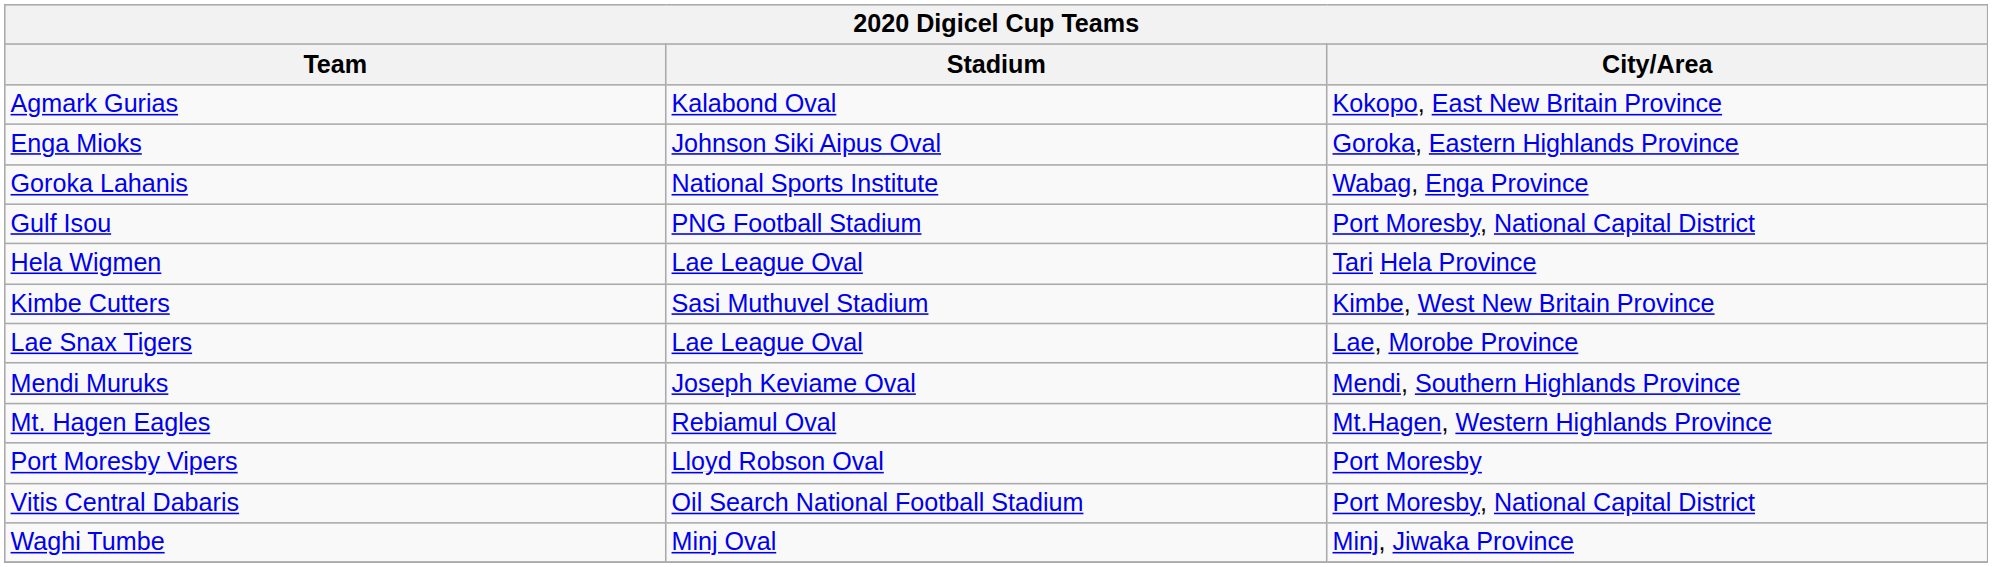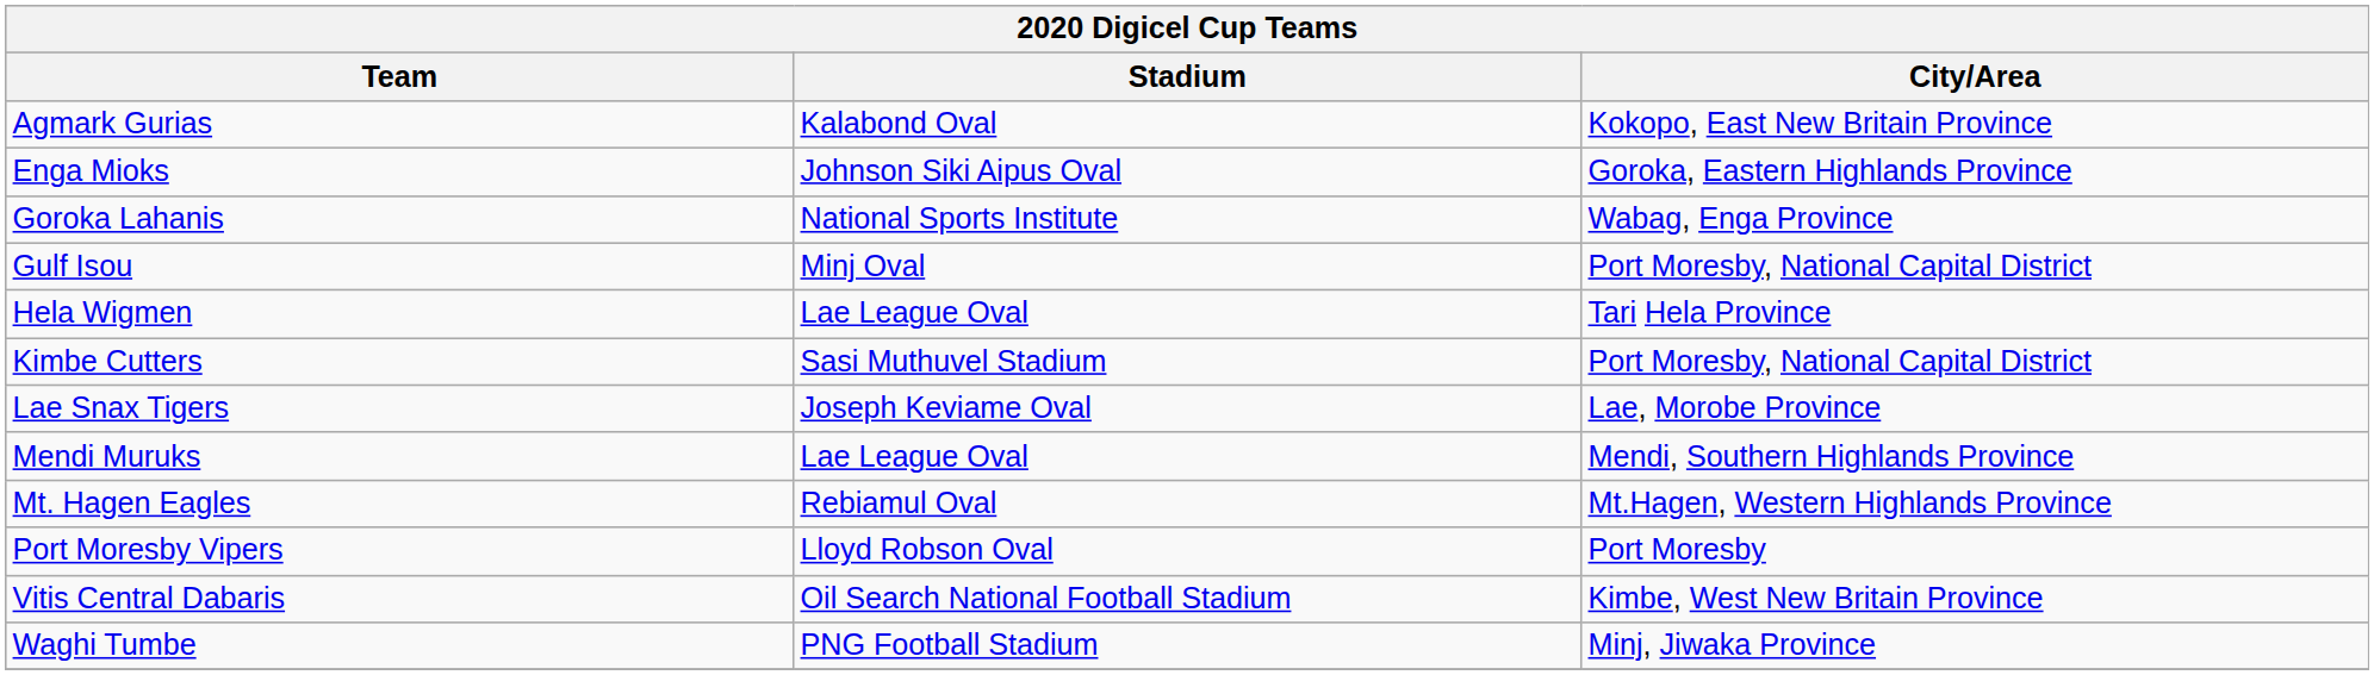 <table class="wikitable" style="width: 100%">
 <tr>
 <th colspan="5">2020 Digicel Cup Teams</th>
 </tr>
 <tr>
 <th width=33%>Team</th>
 <th width=33%>Stadium</th>
 <th width=33%>City/Area</th>
 </tr>
 <tr>
 <td><a href='#'>Agmark Gurias</a></td>
 <td><a href='#'>Kalabond Oval</a></td>
 <td><a href='#'>Kokopo</a>, <a href='#'>East New Britain Province</a></td>
 </tr>
 <tr>
 <td><a href='#'>Enga Mioks</a></td>
 <td><a href='#'>Johnson Siki Aipus Oval</a></td>
 <td><a href='#'>Goroka</a>, <a href='#'>Eastern Highlands Province</a></td>
 </tr>
 <tr>
 <td><a href='#'>Goroka Lahanis</a></td>
 <td><a href='#'>National Sports Institute</a></td>
 <td><a href='#'>Wabag</a>, <a href='#'>Enga Province</a></td>
 </tr>
 <tr>
 <td><a href='#'>Gulf Isou</a></td>
-<td><a href='#'>PNG Football Stadium</a></td>
+<td><a href='#'>Minj Oval</a></td>
 <td><a href='#'>Port Moresby</a>, <a href='#'>National Capital District</a></td>
 </tr>
 <tr>
 <td><a href='#'>Hela Wigmen</a></td>
 <td><a href='#'>Lae League Oval</a></td>
 <td><a href='#'>Tari</a> <a href='#'>Hela Province</a></td>
 </tr>
 <tr>
 <td><a href='#'>Kimbe Cutters</a></td>
 <td><a href='#'>Sasi Muthuvel Stadium</a></td>
-<td><a href='#'>Kimbe</a>, <a href='#'>West New Britain Province</a></td>
+<td><a href='#'>Port Moresby</a>, <a href='#'>National Capital District</a></td>
 </tr>
 <tr>
 <td><a href='#'>Lae Snax Tigers</a></td>
-<td><a href='#'>Lae League Oval</a></td>
+<td><a href='#'>Joseph Keviame Oval</a></td>
 <td><a href='#'>Lae</a>, <a href='#'>Morobe Province</a></td>
 </tr>
 <tr>
 <td><a href='#'>Mendi Muruks</a></td>
-<td><a href='#'>Joseph Keviame Oval</a></td>
+<td><a href='#'>Lae League Oval</a></td>
 <td><a href='#'>Mendi</a>, <a href='#'>Southern Highlands Province</a></td>
 </tr>
 <tr>
 <td><a href='#'>Mt. Hagen Eagles</a></td>
 <td><a href='#'>Rebiamul Oval</a></td>
 <td><a href='#'>Mt.Hagen</a>, <a href='#'>Western Highlands Province</a></td>
 </tr>
 <tr>
 <td><a href='#'>Port Moresby Vipers</a></td>
 <td><a href='#'>Lloyd Robson Oval</a></td>
 <td><a href='#'>Port Moresby</a></td>
 </tr>
 <tr>
 <td><a href='#'>Vitis Central Dabaris</a></td>
 <td><a href='#'>Oil Search National Football Stadium</a></td>
-<td><a href='#'>Port Moresby</a>, <a href='#'>National Capital District</a></td>
+<td><a href='#'>Kimbe</a>, <a href='#'>West New Britain Province</a></td>
 </tr>
 <tr>
 <td><a href='#'>Waghi Tumbe</a></td>
-<td><a href='#'>Minj Oval</a></td>
+<td><a href='#'>PNG Football Stadium</a></td>
 <td><a href='#'>Minj</a>, <a href='#'>Jiwaka Province</a></td>
 </tr>
 <tr>
 </tr>
 </table>
